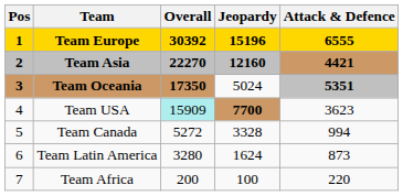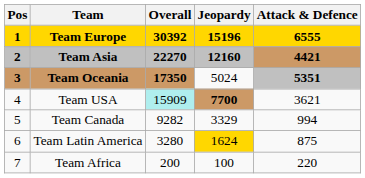 <table class="wikitable" style="text-align:center">
 <tr>
 <th>Pos</th>
 <th>Team</th>
 <th>Overall</th>
 <th>Jeopardy</th>
 <th>Attack & Defence</th>
 </tr>
 <tr>
 <th scope=col style="background-color: gold">1</th>
 <th scope=col style="background-color: gold">Team Europe</th>
 <th scope=col style="background-color: gold">30392</th>
 <th scope=col style="background-color: gold">15196</th>
 <th scope=col style="background-color: gold">6555</th>
 </tr>
 <tr>
 <th scope=col style="background-color: silver">2</th>
 <th scope=col style="background-color: silver">Team Asia</th>
 <th scope=col style="background-color: silver">22270</th>
 <th scope=col style="background-color: silver">12160</th>
 <th scope=col style="background-color: #cc9966">4421</th>
 </tr>
 <tr>
 <th scope=col style="background-color: #cc9966">3</th>
 <th scope=col style="background-color: #cc9966">Team Oceania</th>
 <th scope=col style="background-color: #cc9966">17350</th>
 <td>5024</td>
 <th scope=col style="background-color: silver">5351</th>
 </tr>
 <tr>
 <td>4</td>
 <td>Team USA</td>
 <td style="background: paleturquoise;">15909</td>
 <th scope=col style="background-color: #cc9966">7700</th>
-<td>3623</td>
+<td>3621</td>
 </tr>
 <tr>
 <td>5</td>
 <td>Team Canada</td>
-<td>5272</td>
-<td>3328</td>
+<td>9282</td>
+<td>3329</td>
 <td>994</td>
 </tr>
 <tr>
 <td>6</td>
 <td>Team Latin America</td>
 <td>3280</td>
-<td>1624</td>
-<td>873</td>
+<td style="background: gold;">1624</td>
+<td>875</td>
 </tr>
 <tr>
 <td>7</td>
 <td>Team Africa</td>
 <td>200</td>
 <td>100</td>
 <td>220</td>
 </tr>
 </table>
